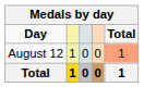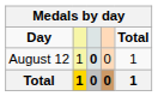 <table class="wikitable" style="font-size:85%; float:right">
 <tr align=center>
 <th colspan=7>Medals by day</th>
 </tr>
 <tr align=center>
 <td><strong>Day</strong></td>
 <td style="background:#f7f6a8;"></td>
 <td style="background:#dce5e5;"></td>
 <td style="background:#ffdab9;"></td>
 <td><strong>Total</strong></td>
 </tr>
 <tr align=center>
 <td>August 12</td>
 <td style="background:#f7f6a8;">1</td>
-<td style="background:#dce5e5;">0</td>
+<td style="background:#dce5e5;"><strong>0</strong></td>
 <td style="background:#ffdab9;">0</td>
-<td style="background: lightsalmon;">1</td>
+<td>1</td>
 </tr>
 <tr align=center>
 <th>Total</th>
 <th style="background:gold;">1</th>
 <th style="background:silver;">0</th>
 <th style="background:#c96;">0</th>
 <th>1</th>
 </tr>
 </table>
